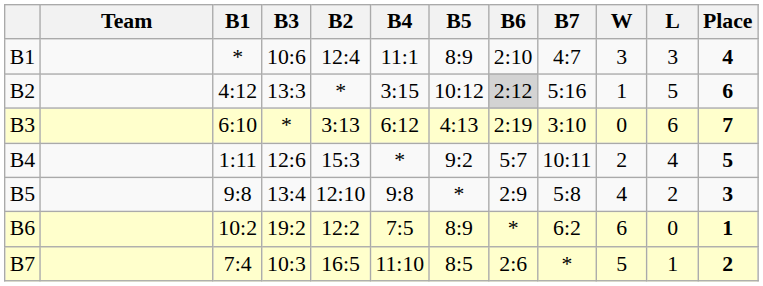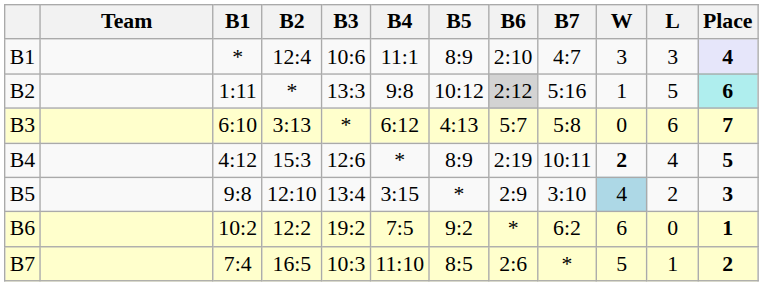 <table class="wikitable" style="text-align:center;">
 <tr>
 <th></th>
 <th width="120">Team</th>
 <th width="25">B1</th>
+<th width="25">B2</th>
 <th width="25">B3</th>
-<th width="25">B2</th>
 <th width="25">B4</th>
 <th width="25">B5</th>
 <th width="25">B6</th>
 <th width="25">B7</th>
 <th width="30">W</th>
 <th width="30">L</th>
 <th>Place</th>
 </tr>
 <tr>
 <td>B1</td>
 <td align="left"></td>
 <td>*</td>
+<td>12:4</td>
 <td>10:6</td>
-<td>12:4</td>
 <td>11:1</td>
 <td>8:9</td>
 <td>2:10</td>
 <td>4:7</td>
 <td>3</td>
 <td>3</td>
-<td><strong>4</strong></td>
+<td style="background: lavender;"><strong>4</strong></td>
 </tr>
 <tr>
 <td>B2</td>
 <td align="left"></td>
-<td>4:12</td>
+<td>1:11</td>
+<td>*</td>
 <td>13:3</td>
-<td>*</td>
-<td>3:15</td>
+<td>9:8</td>
 <td>10:12</td>
 <td style="background: lightgrey;">2:12</td>
 <td>5:16</td>
 <td>1</td>
 <td>5</td>
-<td><strong>6</strong></td>
+<td style="background: paleturquoise;"><strong>6</strong></td>
 </tr>
 <tr bgcolor="#ffffcc">
 <td>B3</td>
 <td align="left"></td>
 <td>6:10</td>
+<td>3:13</td>
 <td>*</td>
-<td>3:13</td>
 <td>6:12</td>
 <td>4:13</td>
-<td>2:19</td>
-<td>3:10</td>
+<td>5:7</td>
+<td>5:8</td>
 <td>0</td>
 <td>6</td>
 <td><strong>7</strong></td>
 </tr>
 <tr>
 <td>B4</td>
 <td align="left"></td>
-<td>1:11</td>
+<td>4:12</td>
+<td>15:3</td>
 <td>12:6</td>
-<td>15:3</td>
 <td>*</td>
-<td>9:2</td>
-<td>5:7</td>
+<td>8:9</td>
+<td>2:19</td>
 <td>10:11</td>
-<td>2</td>
+<td><strong>2</strong></td>
 <td>4</td>
 <td><strong>5</strong></td>
 </tr>
 <tr>
 <td>B5</td>
 <td align="left"></td>
 <td>9:8</td>
+<td>12:10</td>
 <td>13:4</td>
-<td>12:10</td>
-<td>9:8</td>
+<td>3:15</td>
 <td>*</td>
 <td>2:9</td>
-<td>5:8</td>
-<td>4</td>
+<td>3:10</td>
+<td style="background: lightblue;">4</td>
 <td>2</td>
 <td><strong>3</strong></td>
 </tr>
 <tr bgcolor="#ffffcc">
 <td>B6</td>
 <td align="left"></td>
 <td>10:2</td>
+<td>12:2</td>
 <td>19:2</td>
-<td>12:2</td>
 <td>7:5</td>
-<td>8:9</td>
+<td>9:2</td>
 <td>*</td>
 <td>6:2</td>
 <td>6</td>
 <td>0</td>
 <td><strong>1</strong></td>
 </tr>
 <tr bgcolor="#ffffcc">
 <td>B7</td>
 <td align="left"></td>
 <td>7:4</td>
+<td>16:5</td>
 <td>10:3</td>
-<td>16:5</td>
 <td>11:10</td>
 <td>8:5</td>
 <td>2:6</td>
 <td>*</td>
 <td>5</td>
 <td>1</td>
 <td><strong>2</strong></td>
 </tr>
 </table>
